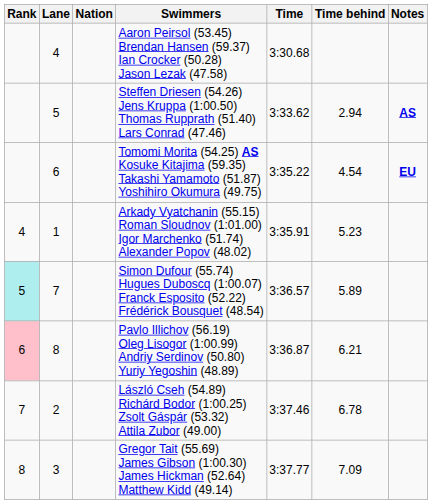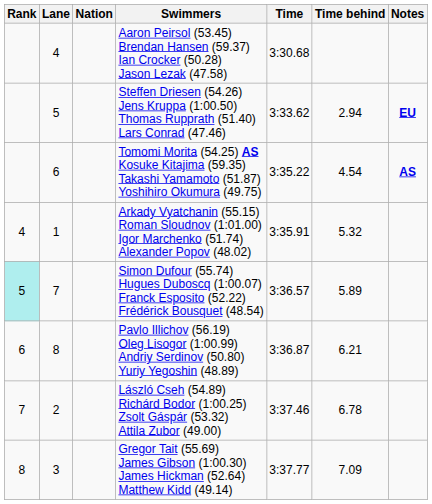 <table class="wikitable sortable" style="text-align:center">
 <tr>
 <th>Rank</th>
 <th>Lane</th>
 <th>Nation</th>
 <th>Swimmers</th>
 <th>Time</th>
 <th>Time behind</th>
 <th>Notes</th>
 </tr>
 <tr>
 <td></td>
 <td>4</td>
 <td align=left></td>
 <td align=left><a href='#'>Aaron Peirsol</a> (53.45)  <br><a href='#'>Brendan Hansen</a> (59.37)<br><a href='#'>Ian Crocker</a> (50.28)<br><a href='#'>Jason Lezak</a> (47.58)</td>
 <td>3:30.68</td>
 <td></td>
 <td></td>
 </tr>
 <tr>
 <td></td>
 <td>5</td>
 <td align=left></td>
 <td align=left><a href='#'>Steffen Driesen</a> (54.26)<br><a href='#'>Jens Kruppa</a> (1:00.50)<br><a href='#'>Thomas Rupprath</a> (51.40)<br><a href='#'>Lars Conrad</a> (47.46)</td>
 <td>3:33.62</td>
 <td>2.94</td>
-<td><strong><a href='#'>AS</a></strong></td>
+<td><strong><a href='#'>EU</a></strong></td>
 </tr>
 <tr>
 <td></td>
 <td>6</td>
 <td align=left></td>
 <td align=left><a href='#'>Tomomi Morita</a> (54.25) <strong><a href='#'>AS</a></strong><br><a href='#'>Kosuke Kitajima</a> (59.35)<br><a href='#'>Takashi Yamamoto</a> (51.87)<br><a href='#'>Yoshihiro Okumura</a> (49.75)</td>
 <td>3:35.22</td>
 <td>4.54</td>
-<td><strong><a href='#'>EU</a></strong></td>
+<td><strong><a href='#'>AS</a></strong></td>
 </tr>
 <tr>
 <td>4</td>
 <td>1</td>
 <td align=left></td>
 <td align=left><a href='#'>Arkady Vyatchanin</a> (55.15)<br><a href='#'>Roman Sloudnov</a> (1:01.00)<br><a href='#'>Igor Marchenko</a> (51.74)<br><a href='#'>Alexander Popov</a> (48.02)</td>
 <td>3:35.91</td>
-<td>5.23</td>
+<td>5.32</td>
 <td></td>
 </tr>
 <tr>
 <td style="background: paleturquoise;">5</td>
 <td>7</td>
 <td align=left></td>
 <td align=left><a href='#'>Simon Dufour</a> (55.74)<br><a href='#'>Hugues Duboscq</a> (1:00.07)<br><a href='#'>Franck Esposito</a> (52.22)<br><a href='#'>Frédérick Bousquet</a> (48.54)</td>
 <td>3:36.57</td>
 <td>5.89</td>
 <td></td>
 </tr>
 <tr>
-<td style="background: pink;">6</td>
+<td>6</td>
 <td>8</td>
 <td align=left></td>
 <td align=left><a href='#'>Pavlo Illichov</a> (56.19)<br><a href='#'>Oleg Lisogor</a> (1:00.99)<br><a href='#'>Andriy Serdinov</a> (50.80)<br><a href='#'>Yuriy Yegoshin</a> (48.89)</td>
 <td>3:36.87</td>
 <td>6.21</td>
 <td></td>
 </tr>
 <tr>
 <td>7</td>
 <td>2</td>
 <td align=left></td>
 <td align=left><a href='#'>László Cseh</a> (54.89)<br><a href='#'>Richárd Bodor</a> (1:00.25)<br><a href='#'>Zsolt Gáspár</a> (53.32)<br><a href='#'>Attila Zubor</a> (49.00)</td>
 <td>3:37.46</td>
 <td>6.78</td>
 <td></td>
 </tr>
 <tr>
 <td>8</td>
 <td>3</td>
 <td align=left></td>
 <td align=left><a href='#'>Gregor Tait</a> (55.69)<br><a href='#'>James Gibson</a> (1:00.30)<br><a href='#'>James Hickman</a> (52.64)<br><a href='#'>Matthew Kidd</a> (49.14)</td>
 <td>3:37.77</td>
 <td>7.09</td>
 <td></td>
 </tr>
 </table>
